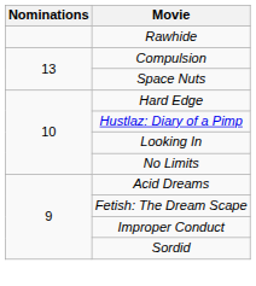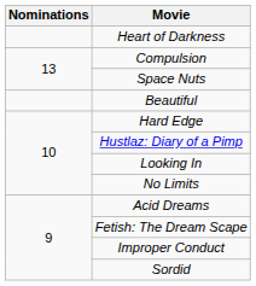 <table class="wikitable" style="text-align: center">
 <tr>
 <th scope="col" width="55">Nominations</th>
 <th scope="col" align="center">Movie</th>
 </tr>
 <tr>
 <td></td>
-<td><em>Rawhide</em></td>
+<td><em>Heart of Darkness</em></td>
 </tr>
 <tr>
 <td rowspan=2 style="text-align:center">13</td>
 <td><em>Compulsion</em></td>
 </tr>
 <tr>
 <td><em>Space Nuts</em></td>
+</tr>
+<tr>
+<td></td>
+<td><em>Beautiful</em></td>
 </tr>
 <tr>
 <td rowspan=4 style="text-align:center">10</td>
 <td><em>Hard Edge</em></td>
 </tr>
 <tr>
 <td><em><a href='#'>Hustlaz: Diary of a Pimp</a></em></td>
 </tr>
 <tr>
 <td><em>Looking In</em></td>
 </tr>
 <tr>
 <td><em>No Limits</em></td>
 </tr>
 <tr>
 <td rowspan=4 style="text-align:center">9</td>
 <td><em>Acid Dreams</em></td>
 </tr>
 <tr>
 <td><em>Fetish: The Dream Scape</em></td>
 </tr>
 <tr>
 <td><em>Improper Conduct</em></td>
 </tr>
 <tr>
 <td><em>Sordid</em></td>
 </tr>
 </table>
